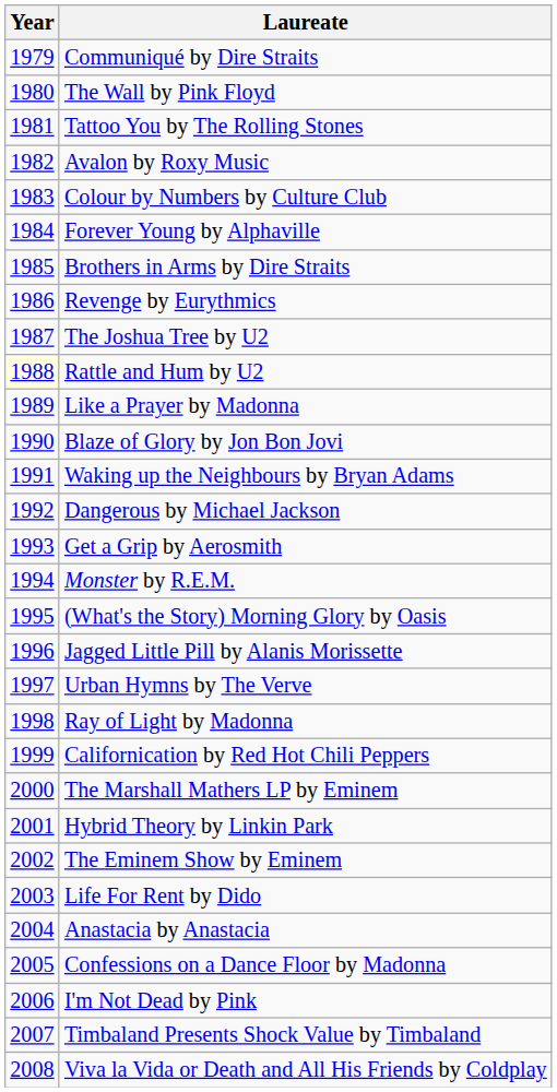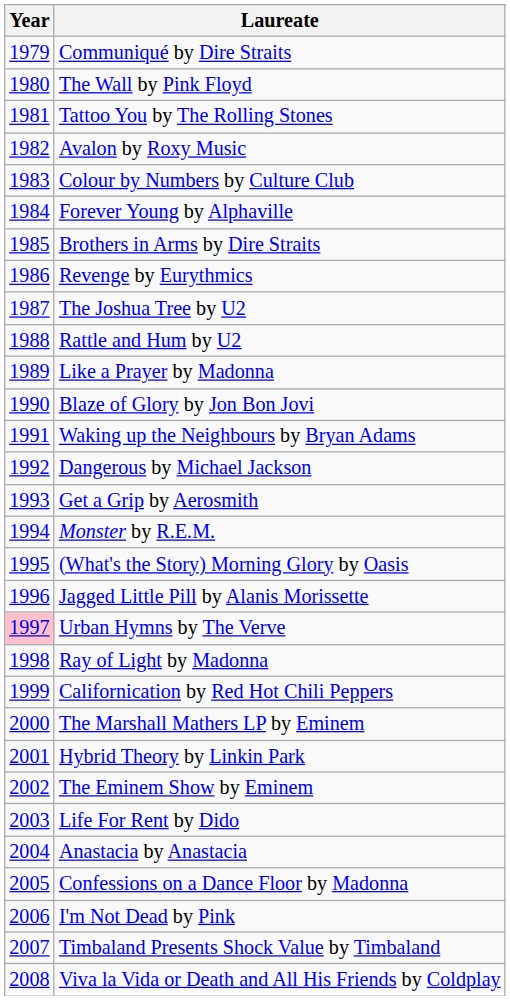 <table class="wikitable">
 <tr>
 <th>Year</th>
 <th>Laureate</th>
 </tr>
 <tr>
 <td><a href='#'>1979</a></td>
 <td><a href='#'>Communiqué</a> by <a href='#'>Dire Straits</a></td>
 </tr>
 <tr>
 <td><a href='#'>1980</a></td>
 <td><a href='#'>The Wall</a> by <a href='#'>Pink Floyd</a></td>
 </tr>
 <tr>
 <td><a href='#'>1981</a></td>
 <td><a href='#'>Tattoo You</a> by <a href='#'>The Rolling Stones</a></td>
 </tr>
 <tr>
 <td><a href='#'>1982</a></td>
 <td><a href='#'>Avalon</a> by <a href='#'>Roxy Music</a></td>
 </tr>
 <tr>
 <td><a href='#'>1983</a></td>
 <td><a href='#'>Colour by Numbers</a> by <a href='#'>Culture Club</a></td>
 </tr>
 <tr>
 <td><a href='#'>1984</a></td>
 <td><a href='#'>Forever Young</a> by <a href='#'>Alphaville</a></td>
 </tr>
 <tr>
 <td><a href='#'>1985</a></td>
 <td><a href='#'>Brothers in Arms</a> by <a href='#'>Dire Straits</a></td>
 </tr>
 <tr>
 <td><a href='#'>1986</a></td>
 <td><a href='#'>Revenge</a> by <a href='#'>Eurythmics</a></td>
 </tr>
 <tr>
 <td><a href='#'>1987</a></td>
 <td><a href='#'>The Joshua Tree</a> by <a href='#'>U2</a></td>
 </tr>
 <tr>
-<td style="background: lightyellow;"><a href='#'>1988</a></td>
+<td><a href='#'>1988</a></td>
 <td><a href='#'>Rattle and Hum</a> by <a href='#'>U2</a></td>
 </tr>
 <tr>
 <td><a href='#'>1989</a></td>
 <td><a href='#'>Like a Prayer</a> by <a href='#'>Madonna</a></td>
 </tr>
 <tr>
 <td><a href='#'>1990</a></td>
 <td><a href='#'>Blaze of Glory</a> by <a href='#'>Jon Bon Jovi</a></td>
 </tr>
 <tr>
 <td><a href='#'>1991</a></td>
 <td><a href='#'>Waking up the Neighbours</a> by <a href='#'>Bryan Adams</a></td>
 </tr>
 <tr>
 <td><a href='#'>1992</a></td>
 <td><a href='#'>Dangerous</a> by <a href='#'>Michael Jackson</a></td>
 </tr>
 <tr>
 <td><a href='#'>1993</a></td>
 <td><a href='#'>Get a Grip</a> by <a href='#'>Aerosmith</a></td>
 </tr>
 <tr>
 <td><a href='#'>1994</a></td>
 <td><em><a href='#'>Monster</a></em> by <a href='#'>R.E.M.</a></td>
 </tr>
 <tr>
 <td><a href='#'>1995</a></td>
 <td><a href='#'>(What's the Story) Morning Glory</a> by <a href='#'>Oasis</a></td>
 </tr>
 <tr>
 <td><a href='#'>1996</a></td>
 <td><a href='#'>Jagged Little Pill</a> by <a href='#'>Alanis Morissette</a></td>
 </tr>
 <tr>
-<td><a href='#'>1997</a></td>
+<td style="background: pink;"><a href='#'>1997</a></td>
 <td><a href='#'>Urban Hymns</a> by <a href='#'>The Verve</a></td>
 </tr>
 <tr>
 <td><a href='#'>1998</a></td>
 <td><a href='#'>Ray of Light</a> by <a href='#'>Madonna</a></td>
 </tr>
 <tr>
 <td><a href='#'>1999</a></td>
 <td><a href='#'>Californication</a> by <a href='#'>Red Hot Chili Peppers</a></td>
 </tr>
 <tr>
 <td><a href='#'>2000</a></td>
 <td><a href='#'>The Marshall Mathers LP</a> by <a href='#'>Eminem</a></td>
 </tr>
 <tr>
 <td><a href='#'>2001</a></td>
 <td><a href='#'>Hybrid Theory</a> by <a href='#'>Linkin Park</a></td>
 </tr>
 <tr>
 <td><a href='#'>2002</a></td>
 <td><a href='#'>The Eminem Show</a> by <a href='#'>Eminem</a></td>
 </tr>
 <tr>
 <td><a href='#'>2003</a></td>
 <td><a href='#'>Life For Rent</a> by <a href='#'>Dido</a></td>
 </tr>
 <tr>
 <td><a href='#'>2004</a></td>
 <td><a href='#'>Anastacia</a> by <a href='#'>Anastacia</a></td>
 </tr>
 <tr>
 <td><a href='#'>2005</a></td>
 <td><a href='#'>Confessions on a Dance Floor</a> by <a href='#'>Madonna</a></td>
 </tr>
 <tr>
 <td><a href='#'>2006</a></td>
 <td><a href='#'>I'm Not Dead</a> by <a href='#'>Pink</a></td>
 </tr>
 <tr>
 <td><a href='#'>2007</a></td>
 <td><a href='#'>Timbaland Presents Shock Value</a> by <a href='#'>Timbaland</a></td>
 </tr>
 <tr>
 <td><a href='#'>2008</a></td>
 <td><a href='#'>Viva la Vida or Death and All His Friends</a> by <a href='#'>Coldplay</a></td>
 </tr>
 </table>
